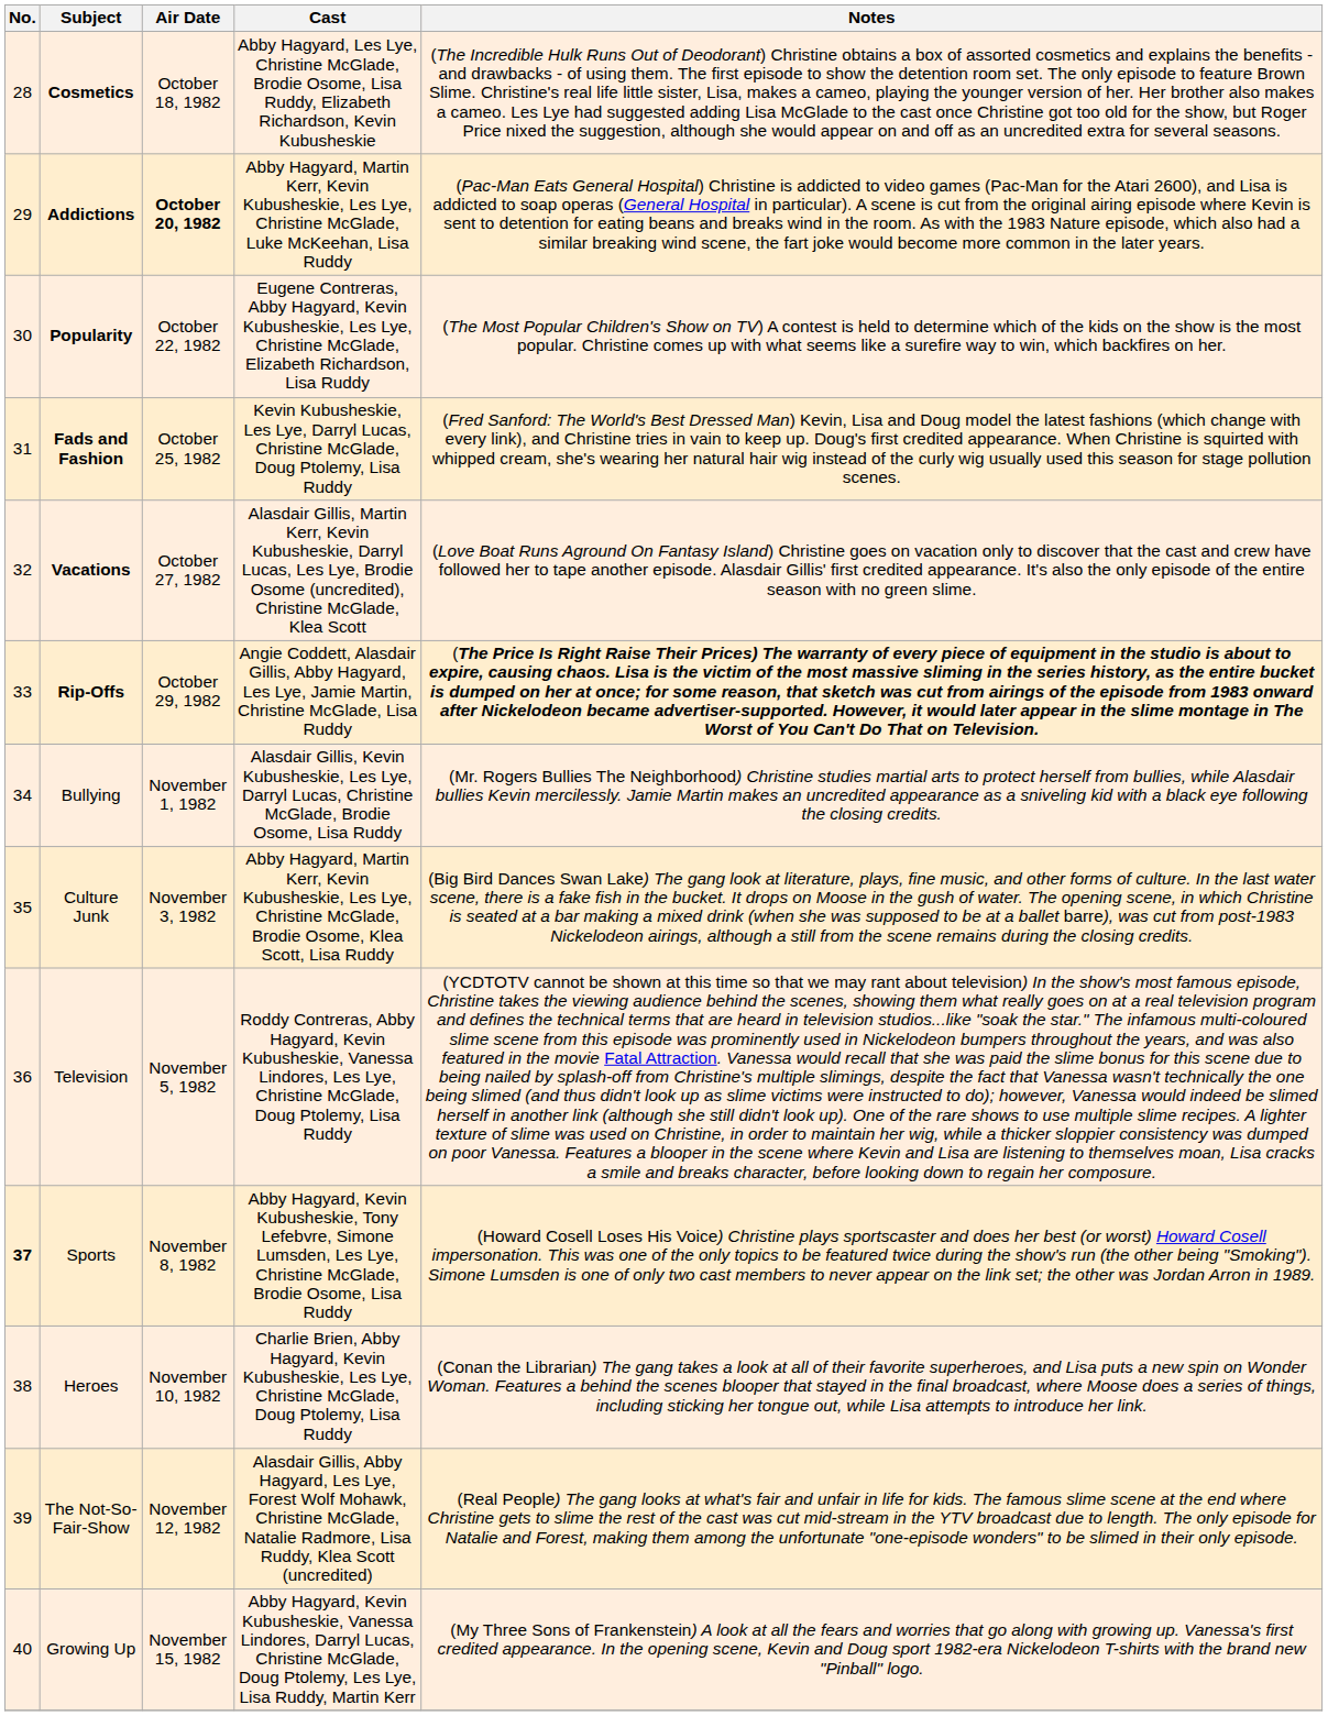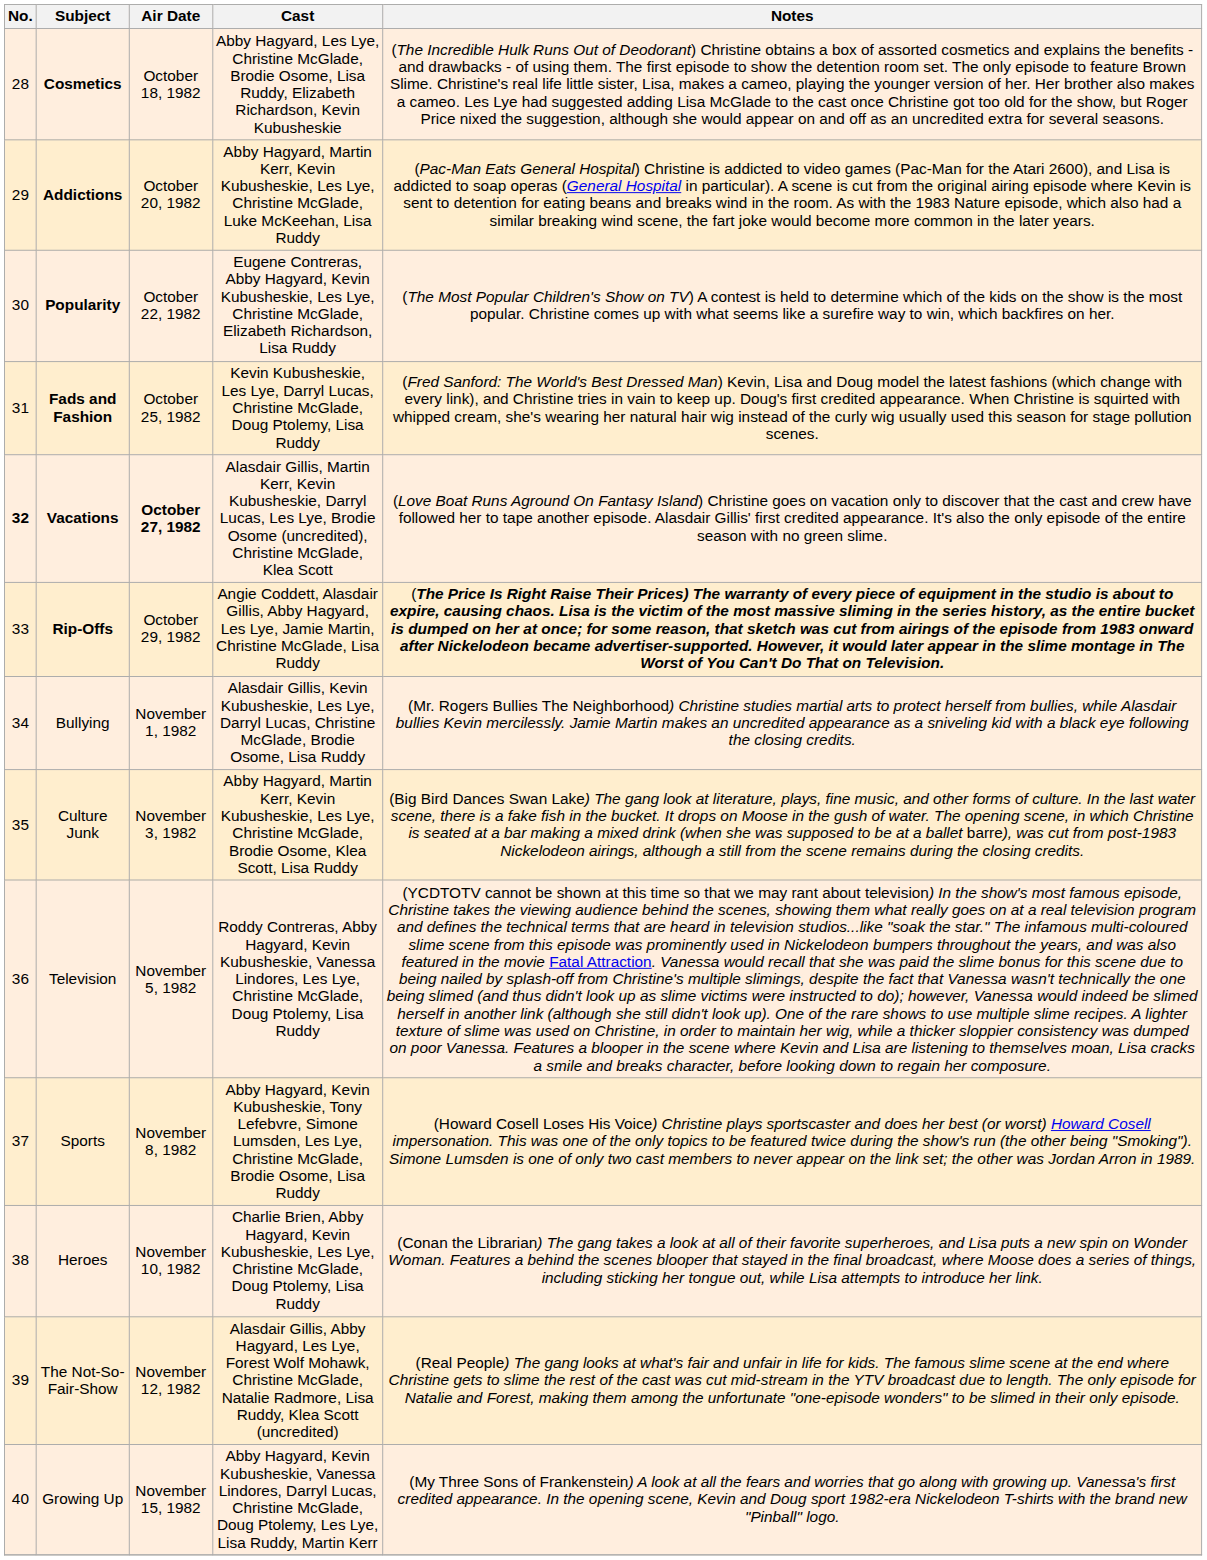 <table class="wikitable" style="text-align:center; background:#FFEEDE">
 <tr>
 <th>No.</th>
 <th>Subject</th>
 <th>Air Date</th>
 <th>Cast</th>
 <th>Notes</th>
 </tr>
 <tr>
 <td>28</td>
 <td><strong>Cosmetics</strong></td>
 <td>October 18, 1982</td>
 <td>Abby Hagyard, Les Lye, Christine McGlade, Brodie Osome, Lisa Ruddy, Elizabeth Richardson, Kevin Kubusheskie</td>
 <td>(<em>The Incredible Hulk Runs Out of Deodorant</em>) Christine obtains a box of assorted cosmetics and explains the benefits - and drawbacks - of using them. The first episode to show the detention room set. The only episode to feature Brown Slime. Christine's real life little sister, Lisa, makes a cameo, playing the younger version of her. Her brother also makes a cameo. Les Lye had suggested adding Lisa McGlade to the cast once Christine got too old for the show, but Roger Price nixed the suggestion, although she would appear on and off as an uncredited extra for several seasons.</td>
 </tr>
 <tr bgcolor="FFEECE">
 <td>29</td>
 <td><strong>Addictions</strong></td>
-<td><strong>October 20, 1982</strong></td>
+<td>October 20, 1982</td>
 <td>Abby Hagyard, Martin Kerr, Kevin Kubusheskie, Les Lye, Christine McGlade, Luke McKeehan, Lisa Ruddy</td>
 <td>(<em>Pac-Man Eats General Hospital</em>) Christine is addicted to video games (Pac-Man for the Atari 2600), and Lisa is addicted to soap operas (<em><a href='#'>General Hospital</a></em> in particular). A scene is cut from the original airing episode where Kevin is sent to detention for eating beans and breaks wind in the room. As with the 1983 Nature episode, which also had a similar breaking wind scene, the fart joke would become more common in the later years.</td>
 </tr>
 <tr>
 <td>30</td>
 <td><strong>Popularity</strong></td>
 <td>October 22, 1982</td>
 <td>Eugene Contreras, Abby Hagyard, Kevin Kubusheskie, Les Lye, Christine McGlade, Elizabeth Richardson, Lisa Ruddy</td>
 <td>(<em>The Most Popular Children's Show on TV</em>) A contest is held to determine which of the kids on the show is the most popular. Christine comes up with what seems like a surefire way to win, which backfires on her.</td>
 </tr>
 <tr bgcolor="FFEECE">
 <td>31</td>
 <td><strong>Fads and Fashion</strong></td>
 <td>October 25, 1982</td>
 <td>Kevin Kubusheskie, Les Lye, Darryl Lucas, Christine McGlade, Doug Ptolemy, Lisa Ruddy</td>
 <td>(<em>Fred Sanford: The World's Best Dressed Man</em>) Kevin, Lisa and Doug model the latest fashions (which change with every link), and Christine tries in vain to keep up. Doug's first credited appearance. When Christine is squirted with whipped cream, she's wearing her natural hair wig instead of the curly wig usually used this season for stage pollution scenes.</td>
 </tr>
 <tr>
-<td>32</td>
+<td><strong>32</strong></td>
 <td><strong>Vacations</strong></td>
-<td>October 27, 1982</td>
+<td><strong>October 27, 1982</strong></td>
 <td>Alasdair Gillis, Martin Kerr, Kevin Kubusheskie, Darryl Lucas, Les Lye, Brodie Osome (uncredited), Christine McGlade, Klea Scott</td>
 <td>(<em>Love Boat Runs Aground On Fantasy Island</em>) Christine goes on vacation only to discover that the cast and crew have followed her to tape another episode. Alasdair Gillis' first credited appearance. It's also the only episode of the entire season with no green slime.</td>
 </tr>
 <tr bgcolor="FFEECE">
 <td>33</td>
 <td><strong>Rip-Offs</strong></td>
 <td>October 29, 1982</td>
 <td>Angie Coddett, Alasdair Gillis, Abby Hagyard, Les Lye, Jamie Martin, Christine McGlade, Lisa Ruddy</td>
 <td>(<strong><em>The Price Is Right<strong> Raise Their Prices<em>) The warranty of every piece of equipment in the studio is about to expire, causing chaos. Lisa is the victim of the most massive sliming in the series history, as the entire bucket is dumped on her at once; for some reason, that sketch was cut from airings of the episode from 1983 onward after Nickelodeon became advertiser-supported. However, it would later appear in the slime montage in </em>The Worst of You Can't Do That on Television.<em></td>
 </tr>
 <tr>
 <td>34</td>
 <td></strong>Bullying<strong></td>
 <td>November 1, 1982</td>
 <td>Alasdair Gillis, Kevin Kubusheskie, Les Lye, Darryl Lucas, Christine McGlade, Brodie Osome, Lisa Ruddy</td>
 <td>(</em>Mr. Rogers Bullies The Neighborhood<em>) Christine studies martial arts to protect herself from bullies, while Alasdair bullies Kevin mercilessly. Jamie Martin makes an uncredited appearance as a sniveling kid with a black eye following the closing credits.</td>
 </tr>
 <tr bgcolor="FFEECE">
 <td>35</td>
 <td></strong>Culture Junk<strong></td>
 <td>November 3, 1982</td>
 <td>Abby Hagyard, Martin Kerr, Kevin Kubusheskie, Les Lye, Christine McGlade, Brodie Osome, Klea Scott, Lisa Ruddy</td>
 <td>(</em>Big Bird Dances Swan Lake<em>) The gang look at literature, plays, fine music, and other forms of culture. In the last water scene, there is a fake fish in the bucket. It drops on Moose in the gush of water. The opening scene, in which Christine is seated at a bar making a mixed drink (when she was supposed to be at a ballet </em>barre<em>), was cut from post-1983 Nickelodeon airings, although a still from the scene remains during the closing credits.</td>
 </tr>
 <tr>
 <td>36</td>
 <td></strong>Television<strong></td>
 <td>November 5, 1982</td>
 <td>Roddy Contreras, Abby Hagyard, Kevin Kubusheskie, Vanessa Lindores, Les Lye, Christine McGlade, Doug Ptolemy, Lisa Ruddy</td>
 <td>(</em>YCDTOTV cannot be shown at this time so that we may rant about television<em>) In the show's most famous episode, Christine takes the viewing audience behind the scenes, showing them what really goes on at a real television program and defines the technical terms that are heard in television studios...like "soak the star." The infamous multi-coloured slime scene from this episode was prominently used in Nickelodeon bumpers throughout the years, and was also featured in the movie </em><a href='#'>Fatal Attraction</a><em>. Vanessa would recall that she was paid the slime bonus for this scene due to being nailed by splash-off from Christine's multiple slimings, despite the fact that Vanessa wasn't technically the one being slimed (and thus didn't look up as slime victims were instructed to do); however, Vanessa would indeed be slimed herself in another link (although she still didn't look up). One of the rare shows to use multiple slime recipes. A lighter texture of slime was used on Christine, in order to maintain her wig, while a thicker sloppier consistency was dumped on poor Vanessa. Features a blooper in the scene where Kevin and Lisa are listening to themselves moan, Lisa cracks a smile and breaks character, before looking down to regain her composure.</td>
 </tr>
 <tr bgcolor="FFEECE">
-<td><strong>37</strong></td>
+<td>37</td>
 <td></strong>Sports<strong></td>
 <td>November 8, 1982</td>
 <td>Abby Hagyard, Kevin Kubusheskie, Tony Lefebvre, Simone Lumsden, Les Lye, Christine McGlade, Brodie Osome, Lisa Ruddy</td>
 <td>(</em>Howard Cosell Loses His Voice<em>) Christine plays sportscaster and does her best (or worst) <a href='#'>Howard Cosell</a> impersonation. This was one of the only topics to be featured twice during the show's run (the other being "Smoking"). Simone Lumsden is one of only two cast members to never appear on the link set; the other was Jordan Arron in 1989.</td>
 </tr>
 <tr>
 <td>38</td>
 <td></strong>Heroes<strong></td>
 <td>November 10, 1982</td>
 <td>Charlie Brien, Abby Hagyard, Kevin Kubusheskie, Les Lye, Christine McGlade, Doug Ptolemy, Lisa Ruddy</td>
 <td>(</em>Conan the Librarian<em>) The gang takes a look at all of their favorite superheroes, and Lisa puts a new spin on Wonder Woman. Features a behind the scenes blooper that stayed in the final broadcast, where Moose does a series of things, including sticking her tongue out, while Lisa attempts to introduce her link.</td>
 </tr>
 <tr bgcolor="FFEECE">
 <td>39</td>
 <td></strong>The Not-So-Fair-Show<strong></td>
 <td>November 12, 1982</td>
 <td>Alasdair Gillis, Abby Hagyard, Les Lye, Forest Wolf Mohawk, Christine McGlade, Natalie Radmore, Lisa Ruddy, Klea Scott (uncredited)</td>
 <td>(</em>Real People<em>) The gang looks at what's fair and unfair in life for kids. The famous slime scene at the end where Christine gets to slime the rest of the cast was cut mid-stream in the YTV broadcast due to length. The only episode for Natalie and Forest, making them among the unfortunate "one-episode wonders" to be slimed in their only episode.</td>
 </tr>
 <tr>
 <td>40</td>
 <td></strong>Growing Up<strong></td>
 <td>November 15, 1982</td>
 <td>Abby Hagyard, Kevin Kubusheskie, Vanessa Lindores, Darryl Lucas, Christine McGlade, Doug Ptolemy, Les Lye, Lisa Ruddy, Martin Kerr</td>
 <td>(</em>My Three Sons of Frankenstein<em>) A look at all the fears and worries that go along with growing up. Vanessa's first credited appearance. In the opening scene, Kevin and Doug sport 1982-era Nickelodeon T-shirts with the brand new "Pinball" logo.</td>
 </tr>
 <tr bgcolor="FFEECE">
 </tr>
 </table>
